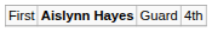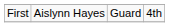 <table class="wikitable" border="1">
 <tr align=center>
 </tr>
 <tr>
 <td rowspan=1>First</td>
-<td><strong>Aislynn Hayes</strong></td>
+<td>Aislynn Hayes</td>
 <td>Guard</td>
 <td>4th</td>
 </tr>
 <tr>
 </tr>
 </table>
